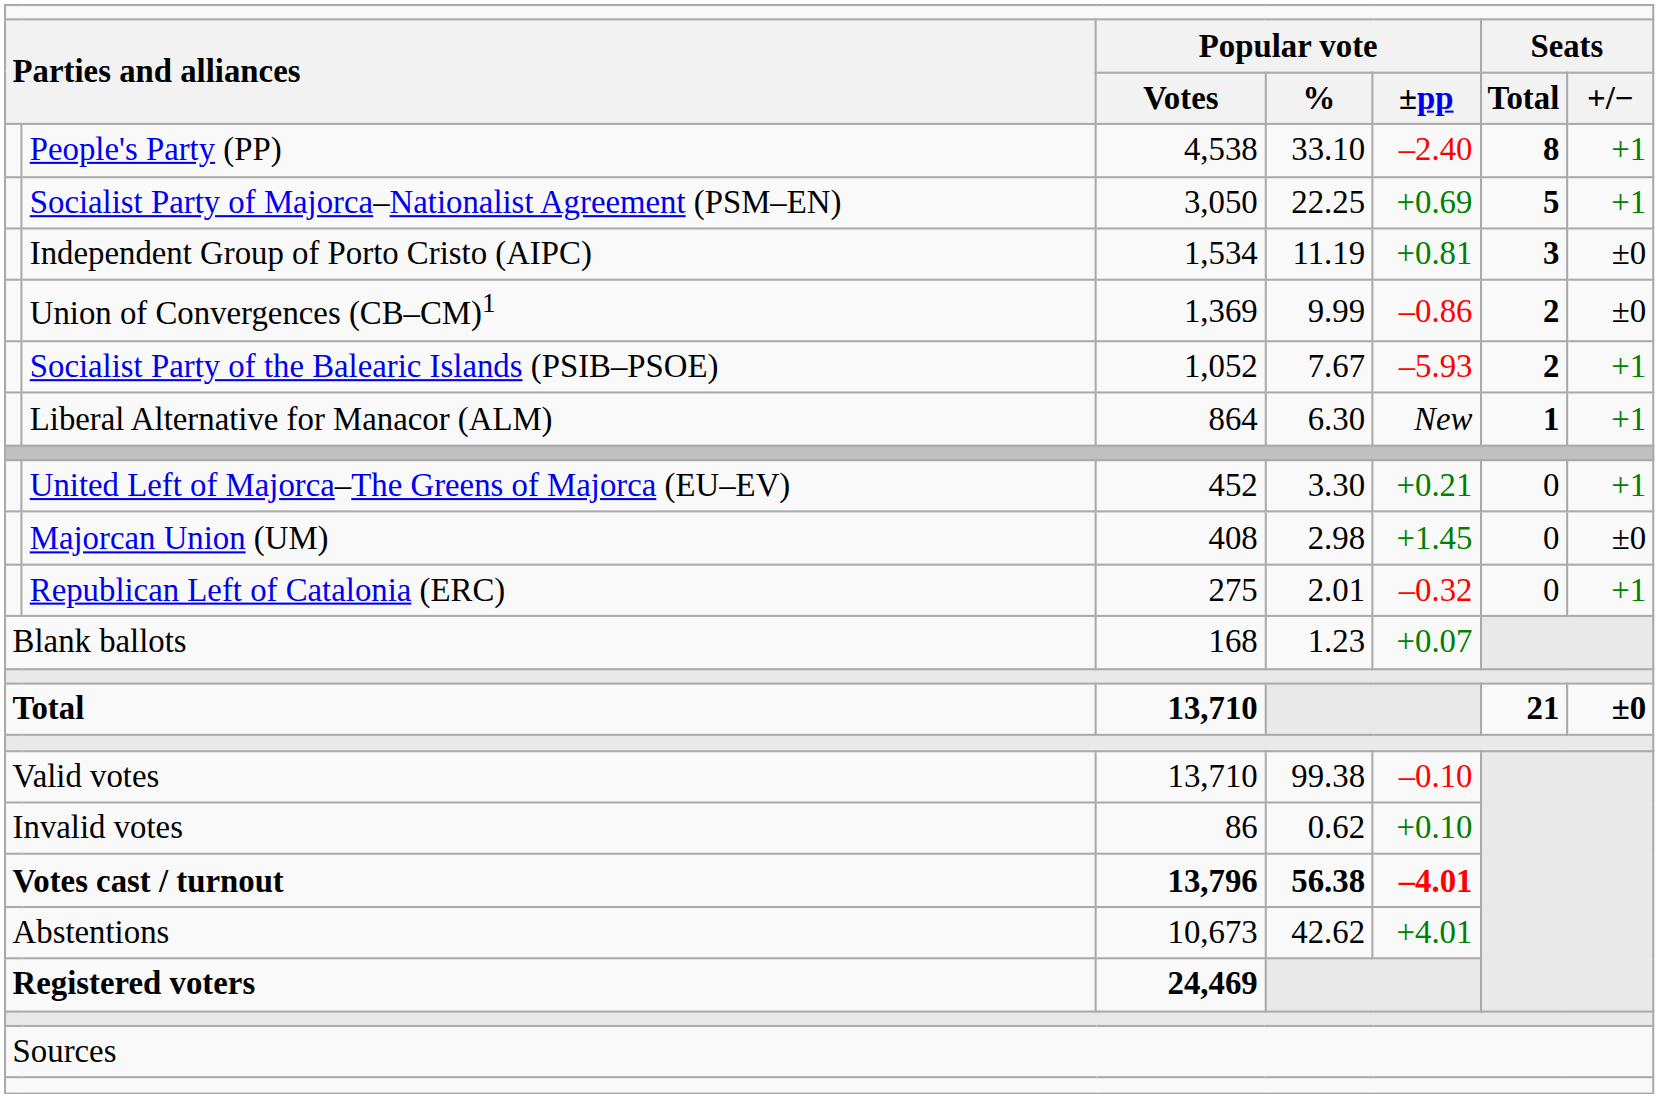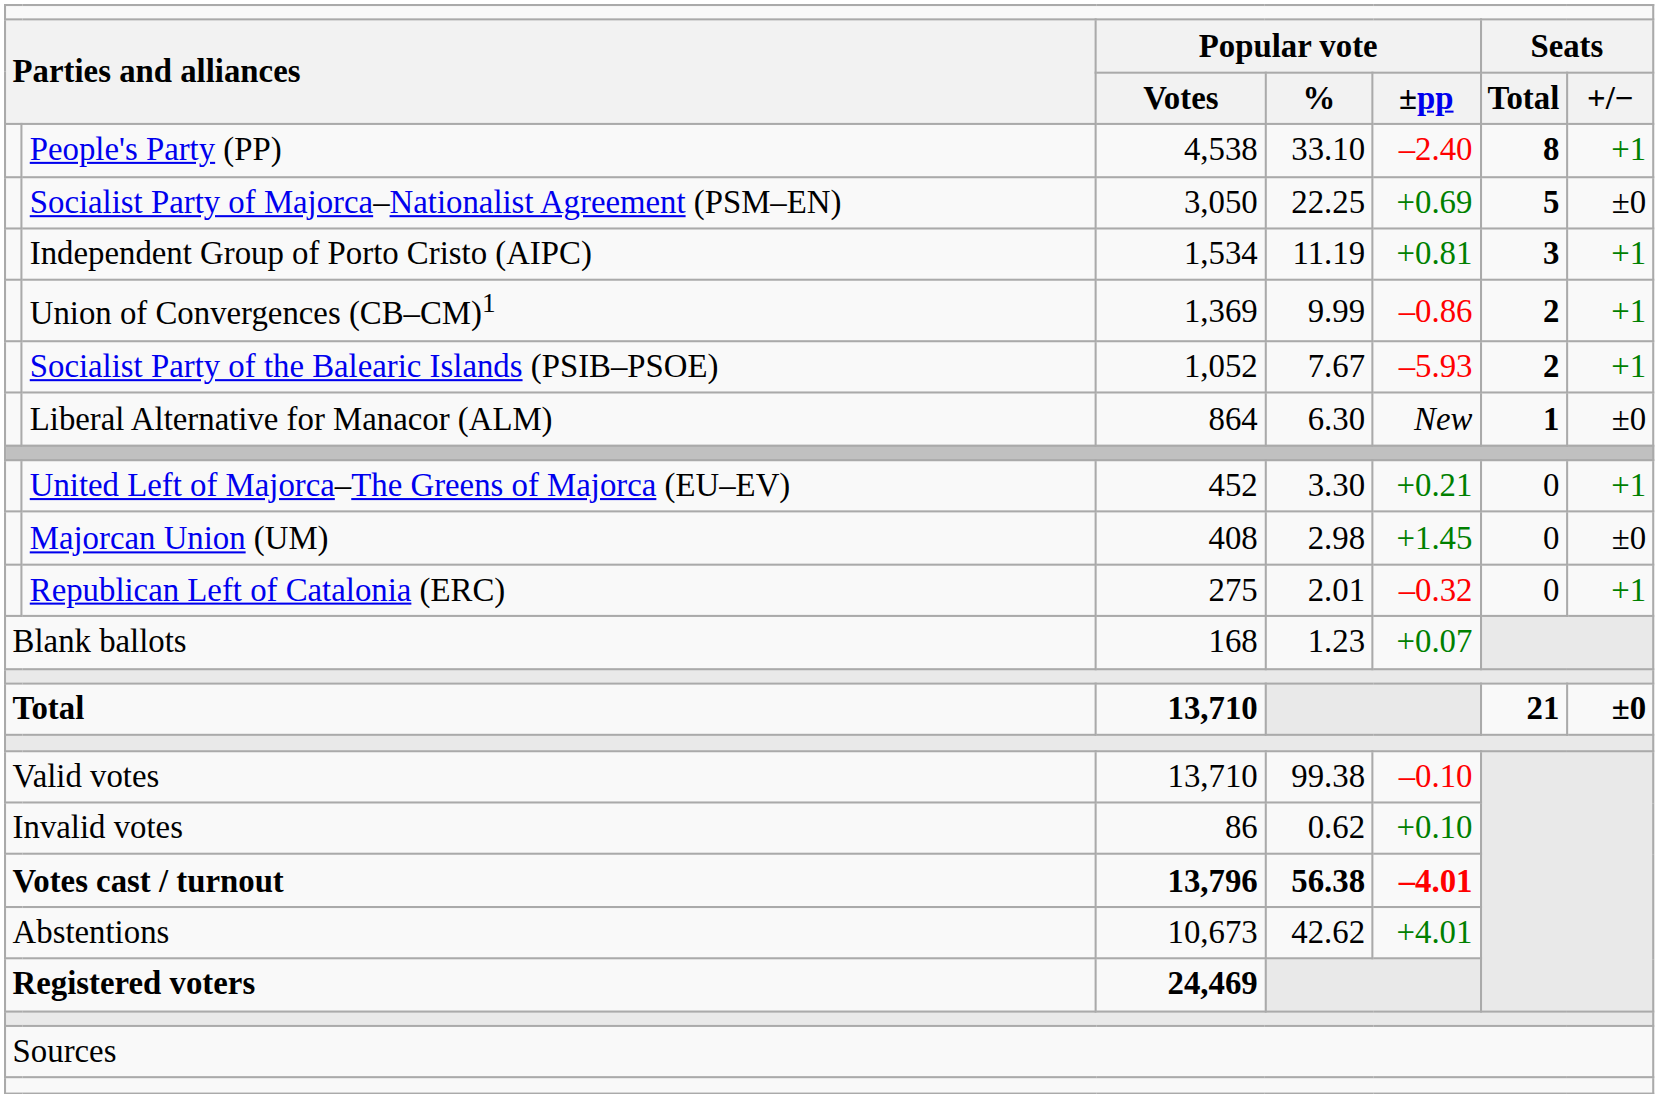 <table class="wikitable" style="text-align:right;">
 <tr>
 <td colspan="7"></td>
 </tr>
 <tr>
 <th style="text-align:left;" rowspan="2" colspan="2" width="525">Parties and alliances</th>
 <th colspan="3">Popular vote</th>
 <th colspan="2">Seats</th>
 </tr>
 <tr>
 <th width="75">Votes</th>
 <th width="45">%</th>
 <th width="45">±<a href='#'>pp</a></th>
 <th width="35">Total</th>
 <th width="35">+/−</th>
 </tr>
 <tr>
 <td width="1" style="color:inherit;background:"></td>
 <td align="left"><a href='#'>People's Party</a> (PP)</td>
 <td>4,538</td>
 <td>33.10</td>
 <td style="color:red;">–2.40</td>
 <td><strong>8</strong></td>
 <td style="color:green;">+1</td>
 </tr>
 <tr>
 <td style="color:inherit;background:"></td>
 <td align="left"><a href='#'>Socialist Party of Majorca</a>–<a href='#'>Nationalist Agreement</a> (PSM–EN)</td>
 <td>3,050</td>
 <td>22.25</td>
 <td style="color:green;">+0.69</td>
 <td><strong>5</strong></td>
-<td style="color:green;">+1</td>
+<td>±0</td>
 </tr>
 <tr>
 <td style="color:inherit;background:"></td>
 <td align="left">Independent Group of Porto Cristo (AIPC)</td>
 <td>1,534</td>
 <td>11.19</td>
 <td style="color:green;">+0.81</td>
 <td><strong>3</strong></td>
-<td>±0</td>
+<td style="color:green;">+1</td>
 </tr>
 <tr>
 <td style="color:inherit;background:"></td>
 <td align="left">Union of Convergences (CB–CM)<sup>1</sup></td>
 <td>1,369</td>
 <td>9.99</td>
 <td style="color:red;">–0.86</td>
 <td><strong>2</strong></td>
-<td>±0</td>
+<td style="color:green;">+1</td>
 </tr>
 <tr>
 <td style="color:inherit;background:"></td>
 <td align="left"><a href='#'>Socialist Party of the Balearic Islands</a> (PSIB–PSOE)</td>
 <td>1,052</td>
 <td>7.67</td>
 <td style="color:red;">–5.93</td>
 <td><strong>2</strong></td>
 <td style="color:green;">+1</td>
 </tr>
 <tr>
 <td style="color:inherit;background:"></td>
 <td align="left">Liberal Alternative for Manacor (ALM)</td>
 <td>864</td>
 <td>6.30</td>
 <td><em>New</em></td>
 <td><strong>1</strong></td>
-<td style="color:green;">+1</td>
+<td>±0</td>
 </tr>
 <tr>
 <td colspan="7" bgcolor="#C0C0C0"></td>
 </tr>
 <tr>
 <td style="color:inherit;background:"></td>
 <td align="left"><a href='#'>United Left of Majorca</a>–<a href='#'>The Greens of Majorca</a> (EU–EV)</td>
 <td>452</td>
 <td>3.30</td>
 <td style="color:green;">+0.21</td>
 <td>0</td>
 <td style="color:green;">+1</td>
 </tr>
 <tr>
 <td style="color:inherit;background:"></td>
 <td align="left"><a href='#'>Majorcan Union</a> (UM)</td>
 <td>408</td>
 <td>2.98</td>
 <td style="color:green;">+1.45</td>
 <td>0</td>
 <td>±0</td>
 </tr>
 <tr>
 <td style="color:inherit;background:"></td>
 <td align="left"><a href='#'>Republican Left of Catalonia</a> (ERC)</td>
 <td>275</td>
 <td>2.01</td>
 <td style="color:red;">–0.32</td>
 <td>0</td>
 <td style="color:green;">+1</td>
 </tr>
 <tr>
 <td align="left" colspan="2">Blank ballots</td>
 <td>168</td>
 <td>1.23</td>
 <td style="color:green;">+0.07</td>
 <td bgcolor="#E9E9E9" colspan="2"></td>
 </tr>
 <tr>
 <td colspan="7" bgcolor="#E9E9E9"></td>
 </tr>
 <tr style="font-weight:bold;">
 <td align="left" colspan="2">Total</td>
 <td>13,710</td>
 <td bgcolor="#E9E9E9" colspan="2"></td>
 <td>21</td>
 <td>±0</td>
 </tr>
 <tr>
 <td colspan="7" bgcolor="#E9E9E9"></td>
 </tr>
 <tr>
 <td align="left" colspan="2">Valid votes</td>
 <td>13,710</td>
 <td>99.38</td>
 <td style="color:red;">–0.10</td>
 <td bgcolor="#E9E9E9" colspan="2" rowspan="5"></td>
 </tr>
 <tr>
 <td align="left" colspan="2">Invalid votes</td>
 <td>86</td>
 <td>0.62</td>
 <td style="color:green;">+0.10</td>
 </tr>
 <tr style="font-weight:bold;">
 <td align="left" colspan="2">Votes cast / turnout</td>
 <td>13,796</td>
 <td>56.38</td>
 <td style="color:red;">–4.01</td>
 </tr>
 <tr>
 <td align="left" colspan="2">Abstentions</td>
 <td>10,673</td>
 <td>42.62</td>
 <td style="color:green;">+4.01</td>
 </tr>
 <tr style="font-weight:bold;">
 <td align="left" colspan="2">Registered voters</td>
 <td>24,469</td>
 <td bgcolor="#E9E9E9" colspan="2"></td>
 </tr>
 <tr>
 <td colspan="7" bgcolor="#E9E9E9"></td>
 </tr>
 <tr>
 <td align="left" colspan="7">Sources</td>
 </tr>
 <tr>
 <td colspan="7" style="text-align:left; max-width:790px;"></td>
 </tr>
 </table>
